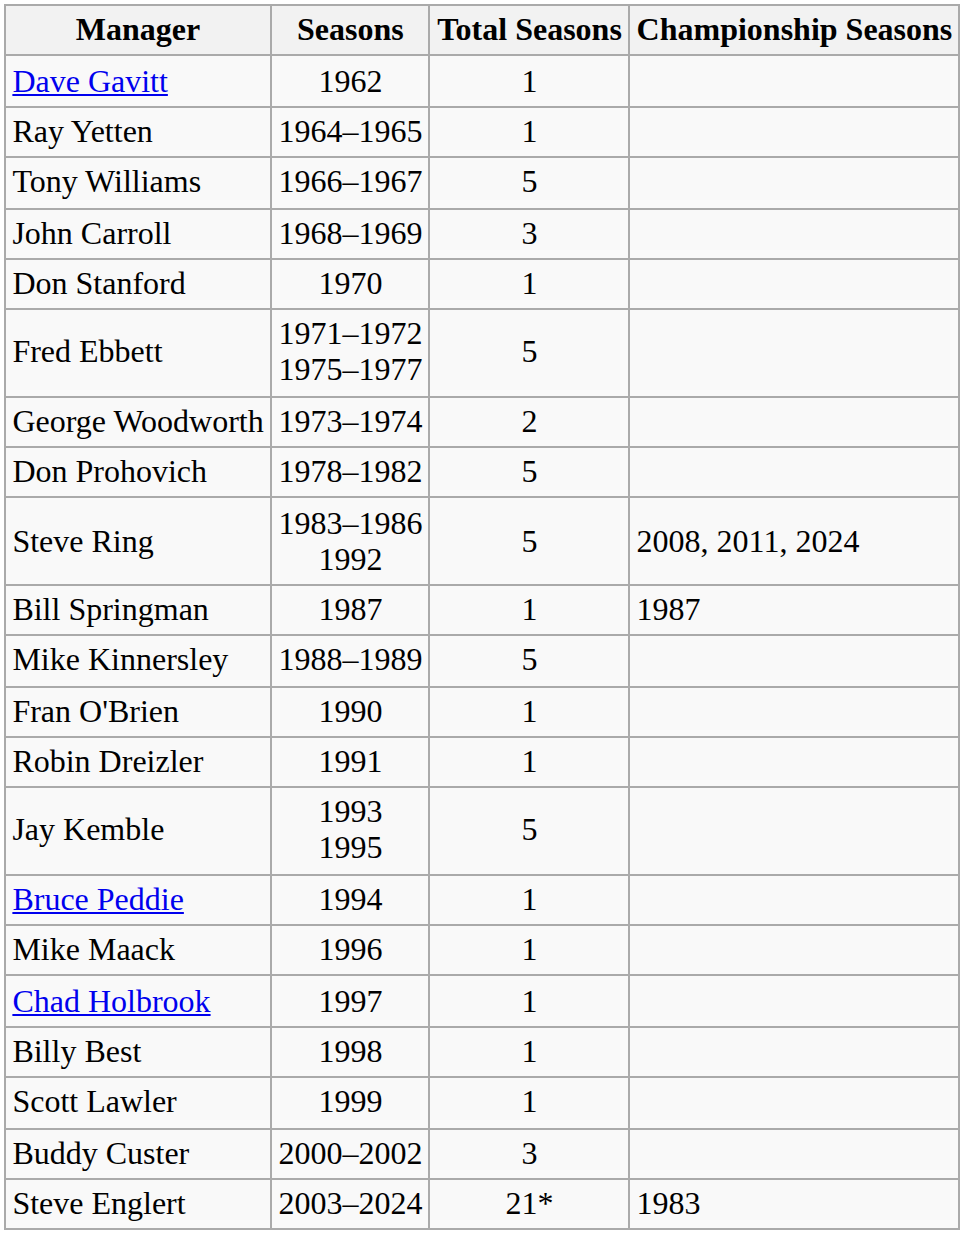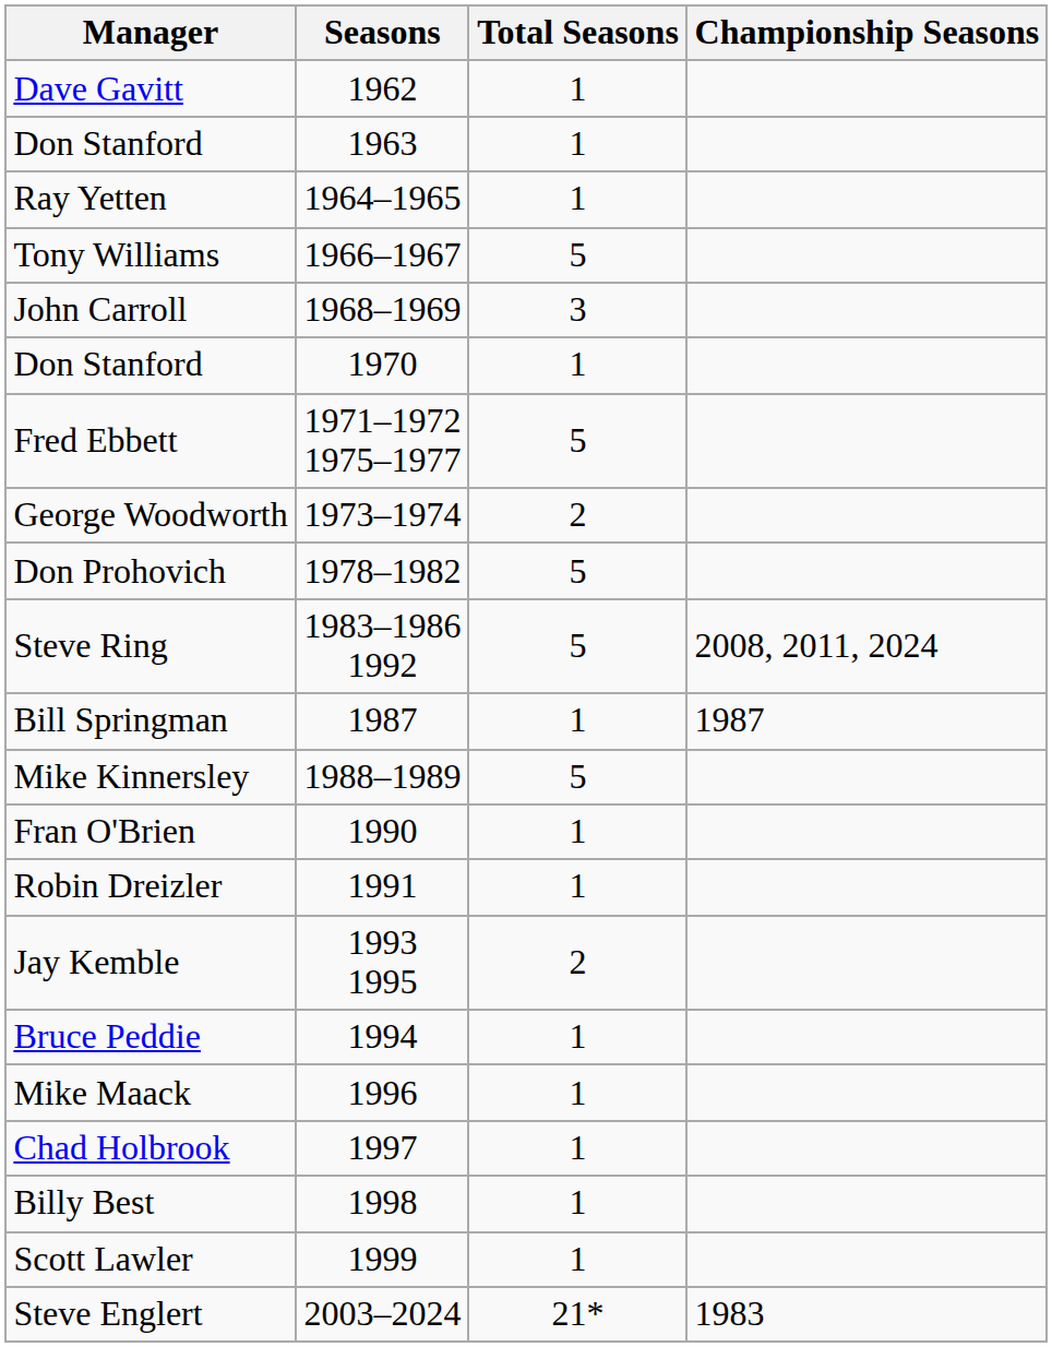 <table class="wikitable" style="text-align:center">
 <tr>
 <th>Manager</th>
 <th>Seasons</th>
 <th>Total Seasons</th>
 <th>Championship Seasons</th>
 </tr>
 <tr>
 <td style="text-align:left"><a href='#'>Dave Gavitt</a></td>
 <td>1962</td>
+<td>1</td>
+<td style="text-align:left"></td>
+</tr>
+<tr>
+<td style="text-align:left">Don Stanford</td>
+<td>1963</td>
 <td>1</td>
 <td style="text-align:left"></td>
 </tr>
 <tr>
 <td style="text-align:left">Ray Yetten</td>
 <td>1964–1965</td>
 <td>1</td>
 <td style="text-align:left"></td>
 </tr>
 <tr>
 <td style="text-align:left">Tony Williams</td>
 <td>1966–1967</td>
 <td>5</td>
 <td style="text-align:left"></td>
 </tr>
 <tr>
 <td style="text-align:left">John Carroll</td>
 <td>1968–1969</td>
 <td>3</td>
 <td style="text-align:left"></td>
 </tr>
 <tr>
 <td style="text-align:left">Don Stanford</td>
 <td>1970</td>
 <td>1</td>
 <td style="text-align:left"></td>
 </tr>
 <tr>
 <td style="text-align:left">Fred Ebbett</td>
 <td>1971–1972<br>1975–1977</td>
 <td>5</td>
 <td style="text-align:left"></td>
 </tr>
 <tr>
 <td style="text-align:left">George Woodworth</td>
 <td>1973–1974</td>
 <td>2</td>
 <td style="text-align:left"></td>
 </tr>
 <tr>
 <td style="text-align:left">Don Prohovich</td>
 <td>1978–1982</td>
 <td>5</td>
 <td style="text-align:left"></td>
 </tr>
 <tr>
 <td style="text-align:left">Steve Ring</td>
 <td>1983–1986<br>1992</td>
 <td>5</td>
 <td style="text-align:left">2008, 2011, 2024</td>
 </tr>
 <tr>
 <td style="text-align:left">Bill Springman</td>
 <td>1987</td>
 <td>1</td>
 <td style="text-align:left">1987</td>
 </tr>
 <tr>
 <td style="text-align:left">Mike Kinnersley</td>
 <td>1988–1989</td>
 <td>5</td>
 <td style="text-align:left"></td>
 </tr>
 <tr>
 <td style="text-align:left">Fran O'Brien</td>
 <td>1990</td>
 <td>1</td>
 <td style="text-align:left"></td>
 </tr>
 <tr>
 <td style="text-align:left">Robin Dreizler</td>
 <td>1991</td>
 <td>1</td>
 <td style="text-align:left"></td>
 </tr>
 <tr>
 <td style="text-align:left">Jay Kemble</td>
 <td>1993<br>1995</td>
-<td>5</td>
+<td>2</td>
 <td style="text-align:left"></td>
 </tr>
 <tr>
 <td style="text-align:left"><a href='#'>Bruce Peddie</a></td>
 <td>1994</td>
 <td>1</td>
 <td style="text-align:left"></td>
 </tr>
 <tr>
 <td style="text-align:left">Mike Maack</td>
 <td>1996</td>
 <td>1</td>
 <td style="text-align:left"></td>
 </tr>
 <tr>
 <td style="text-align:left"><a href='#'>Chad Holbrook</a></td>
 <td>1997</td>
 <td>1</td>
 <td style="text-align:left"></td>
 </tr>
 <tr>
 <td style="text-align:left">Billy Best</td>
 <td>1998</td>
 <td>1</td>
 <td style="text-align:left"></td>
 </tr>
 <tr>
 <td style="text-align:left">Scott Lawler</td>
 <td>1999</td>
 <td>1</td>
 <td style="text-align:left"></td>
 </tr>
 <tr>
-<td style="text-align:left">Buddy Custer</td>
-<td>2000–2002</td>
-<td>3</td>
-<td style="text-align:left"></td>
-</tr>
-<tr>
 <td style="text-align:left">Steve Englert</td>
 <td>2003–2024</td>
 <td>21*</td>
 <td style="text-align:left">1983</td>
 </tr>
 <tr>
 </tr>
 </table>
